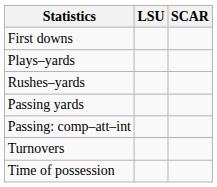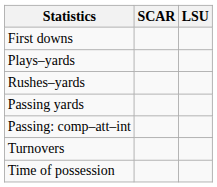 <table class="wikitable" style="float:left">
 <tr>
 <th>Statistics</th>
+<th>SCAR</th>
 <th>LSU</th>
-<th>SCAR</th>
 </tr>
 <tr>
 <td>First downs</td>
 <td></td>
 <td></td>
 </tr>
 <tr>
 <td>Plays–yards</td>
 <td></td>
 <td></td>
 </tr>
 <tr>
 <td>Rushes–yards</td>
 <td></td>
 <td></td>
 </tr>
 <tr>
 <td>Passing yards</td>
 <td></td>
 <td></td>
 </tr>
 <tr>
 <td>Passing: comp–att–int</td>
 <td></td>
 <td></td>
 </tr>
 <tr>
 <td>Turnovers</td>
 <td></td>
 <td></td>
 </tr>
 <tr>
 <td>Time of possession</td>
 <td></td>
 <td></td>
 </tr>
 </table>
